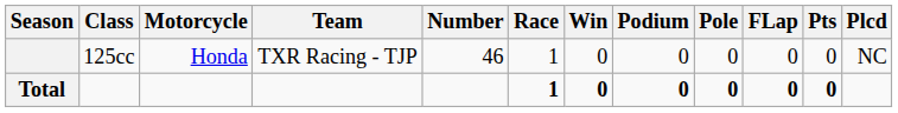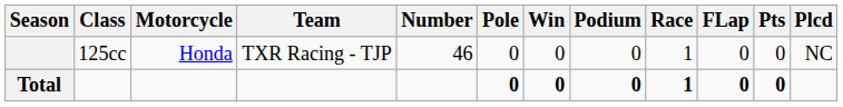 <table class="wikitable">
 <tr>
 <th>Season</th>
 <th>Class</th>
 <th>Motorcycle</th>
 <th>Team</th>
 <th>Number</th>
-<th>Race</th>
+<th>Pole</th>
 <th>Win</th>
 <th>Podium</th>
-<th>Pole</th>
+<th>Race</th>
 <th>FLap</th>
 <th>Pts</th>
 <th>Plcd</th>
 </tr>
 <tr align="right">
 <th></th>
 <td>125cc</td>
 <td><a href='#'>Honda</a></td>
 <td>TXR Racing - TJP</td>
 <td>46</td>
-<td>1</td>
 <td>0</td>
 <td>0</td>
 <td>0</td>
+<td>1</td>
 <td>0</td>
 <td>0</td>
 <td>NC</td>
 </tr>
 <tr align="right">
 <th>Total</th>
 <td></td>
 <td></td>
 <td></td>
 <td></td>
-<td><strong>1</strong></td>
 <td><strong>0</strong></td>
 <td><strong>0</strong></td>
 <td><strong>0</strong></td>
+<td><strong>1</strong></td>
 <td><strong>0</strong></td>
 <td><strong>0</strong></td>
 <td></td>
 </tr>
 </table>
